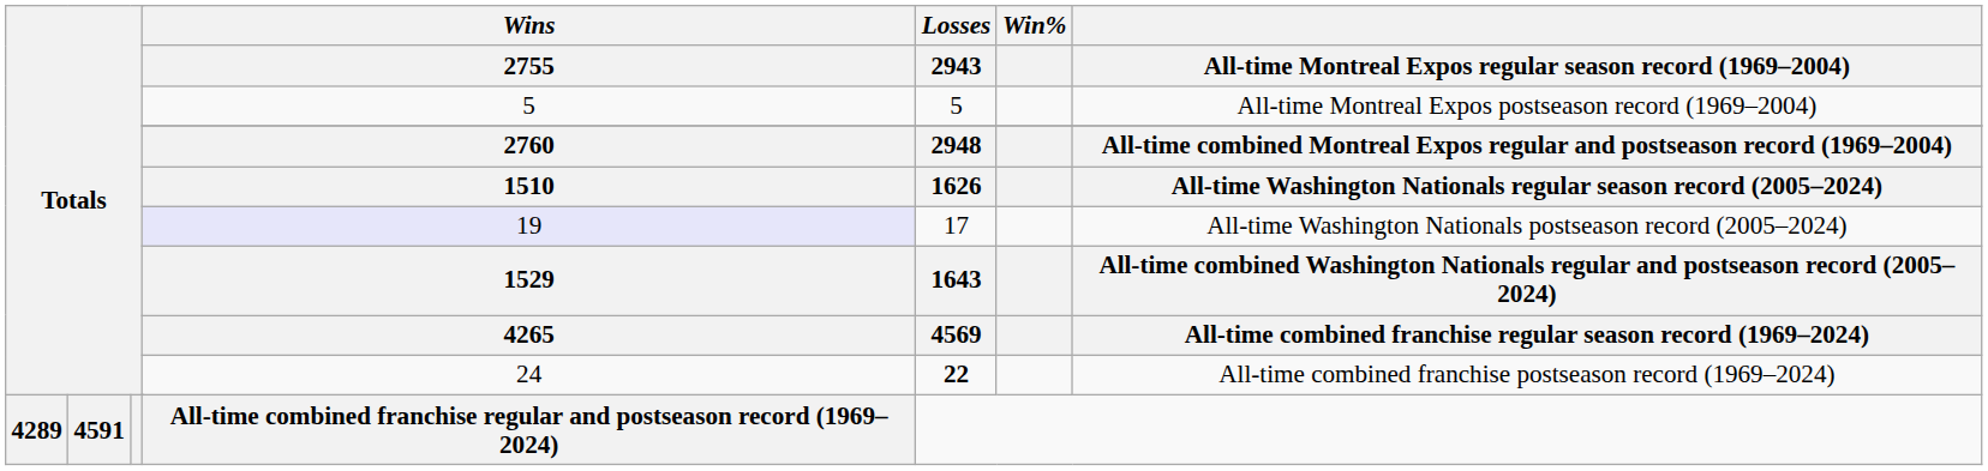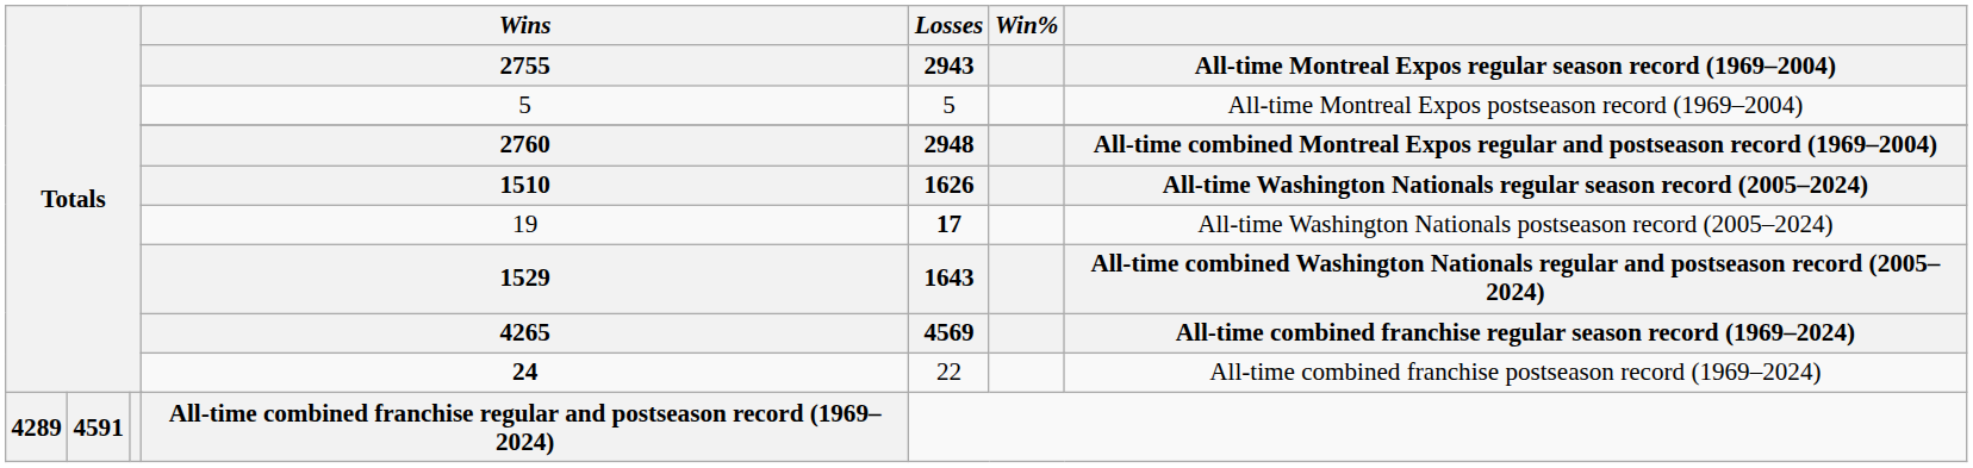 <table class="wikitable" style="text-align:center">
 <tr>
 <th colspan=5 rowspan=10>Totals</th>
 <th><em>Wins</em></th>
 <th><em>Losses</em></th>
 <th><em>Win%</em></th>
 <th colspan=3></th>
 </tr>
 <tr>
 <th>2755</th>
 <th>2943</th>
 <th></th>
 <th colspan=3>All-time Montreal Expos regular season record (1969–2004) </th>
 </tr>
 <tr>
 <td>5</td>
 <td>5</td>
 <td></td>
 <td colspan=3>All-time Montreal Expos postseason record (1969–2004)</td>
 </tr>
 <tr>
 </tr>
 <tr>
 <th>2760</th>
 <th>2948</th>
 <th></th>
 <th colspan=3>All-time combined Montreal Expos regular and postseason record (1969–2004)</th>
 </tr>
 <tr>
 <th>1510</th>
 <th>1626</th>
 <th></th>
 <th colspan=3>All-time Washington Nationals regular season record (2005–2024)</th>
 </tr>
 <tr>
-<td style="background: lavender;">19</td>
-<td>17</td>
+<td>19</td>
+<td><strong>17</strong></td>
 <td></td>
 <td colspan=3>All-time Washington Nationals postseason record (2005–2024)</td>
 </tr>
 <tr>
 <th>1529</th>
 <th>1643</th>
 <th></th>
 <th colspan=3>All-time combined Washington Nationals regular and postseason record (2005–2024)</th>
 </tr>
 <tr>
 <th>4265</th>
 <th>4569</th>
 <th></th>
 <th colspan=3>All-time combined franchise regular season record (1969–2024)</th>
 </tr>
 <tr>
-<td>24</td>
-<td><strong>22</strong></td>
+<td><strong>24</strong></td>
+<td>22</td>
 <td></td>
 <td colspan=3>All-time combined franchise postseason record (1969–2024)</td>
 </tr>
 <tr>
 <th>4289</th>
 <th>4591</th>
 <th></th>
 <th colspan=3>All-time combined franchise regular and postseason record (1969–2024)</th>
 </tr>
 </table>
